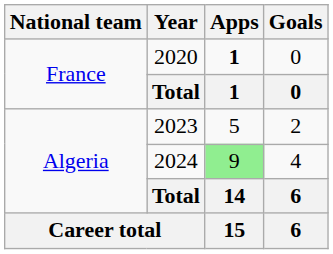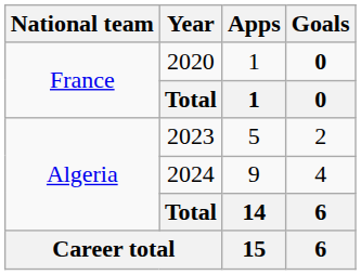 <table class="wikitable" style="text-align: center;">
 <tr>
 <th>National team</th>
 <th>Year</th>
 <th>Apps</th>
 <th>Goals</th>
 </tr>
 <tr>
 <td rowspan="2"><a href='#'>France</a></td>
 <td>2020</td>
-<td><strong>1</strong></td>
-<td>0</td>
+<td>1</td>
+<td><strong>0</strong></td>
 </tr>
 <tr>
 <th>Total</th>
 <th>1</th>
 <th>0</th>
 </tr>
 <tr>
 <td rowspan="3"><a href='#'>Algeria</a></td>
 <td>2023</td>
 <td>5</td>
 <td>2</td>
 </tr>
 <tr>
 <td>2024</td>
-<td style="background: lightgreen;">9</td>
+<td>9</td>
 <td>4</td>
 </tr>
 <tr>
 <th>Total</th>
 <th>14</th>
 <th>6</th>
 </tr>
 <tr>
 <th colspan="2">Career total</th>
 <th>15</th>
 <th>6</th>
 </tr>
 </table>
